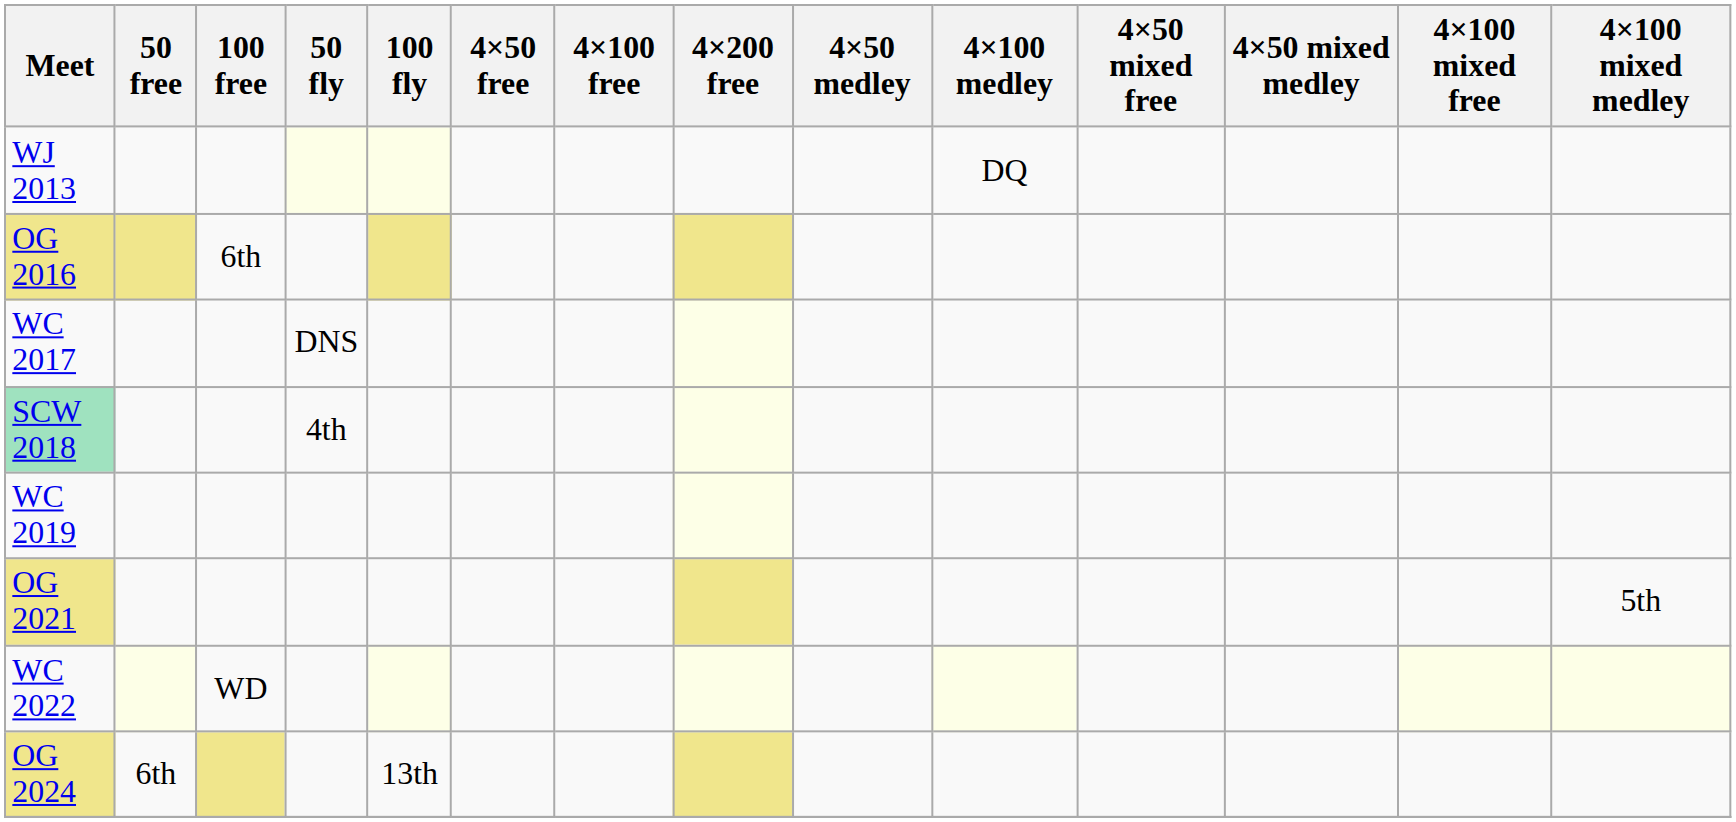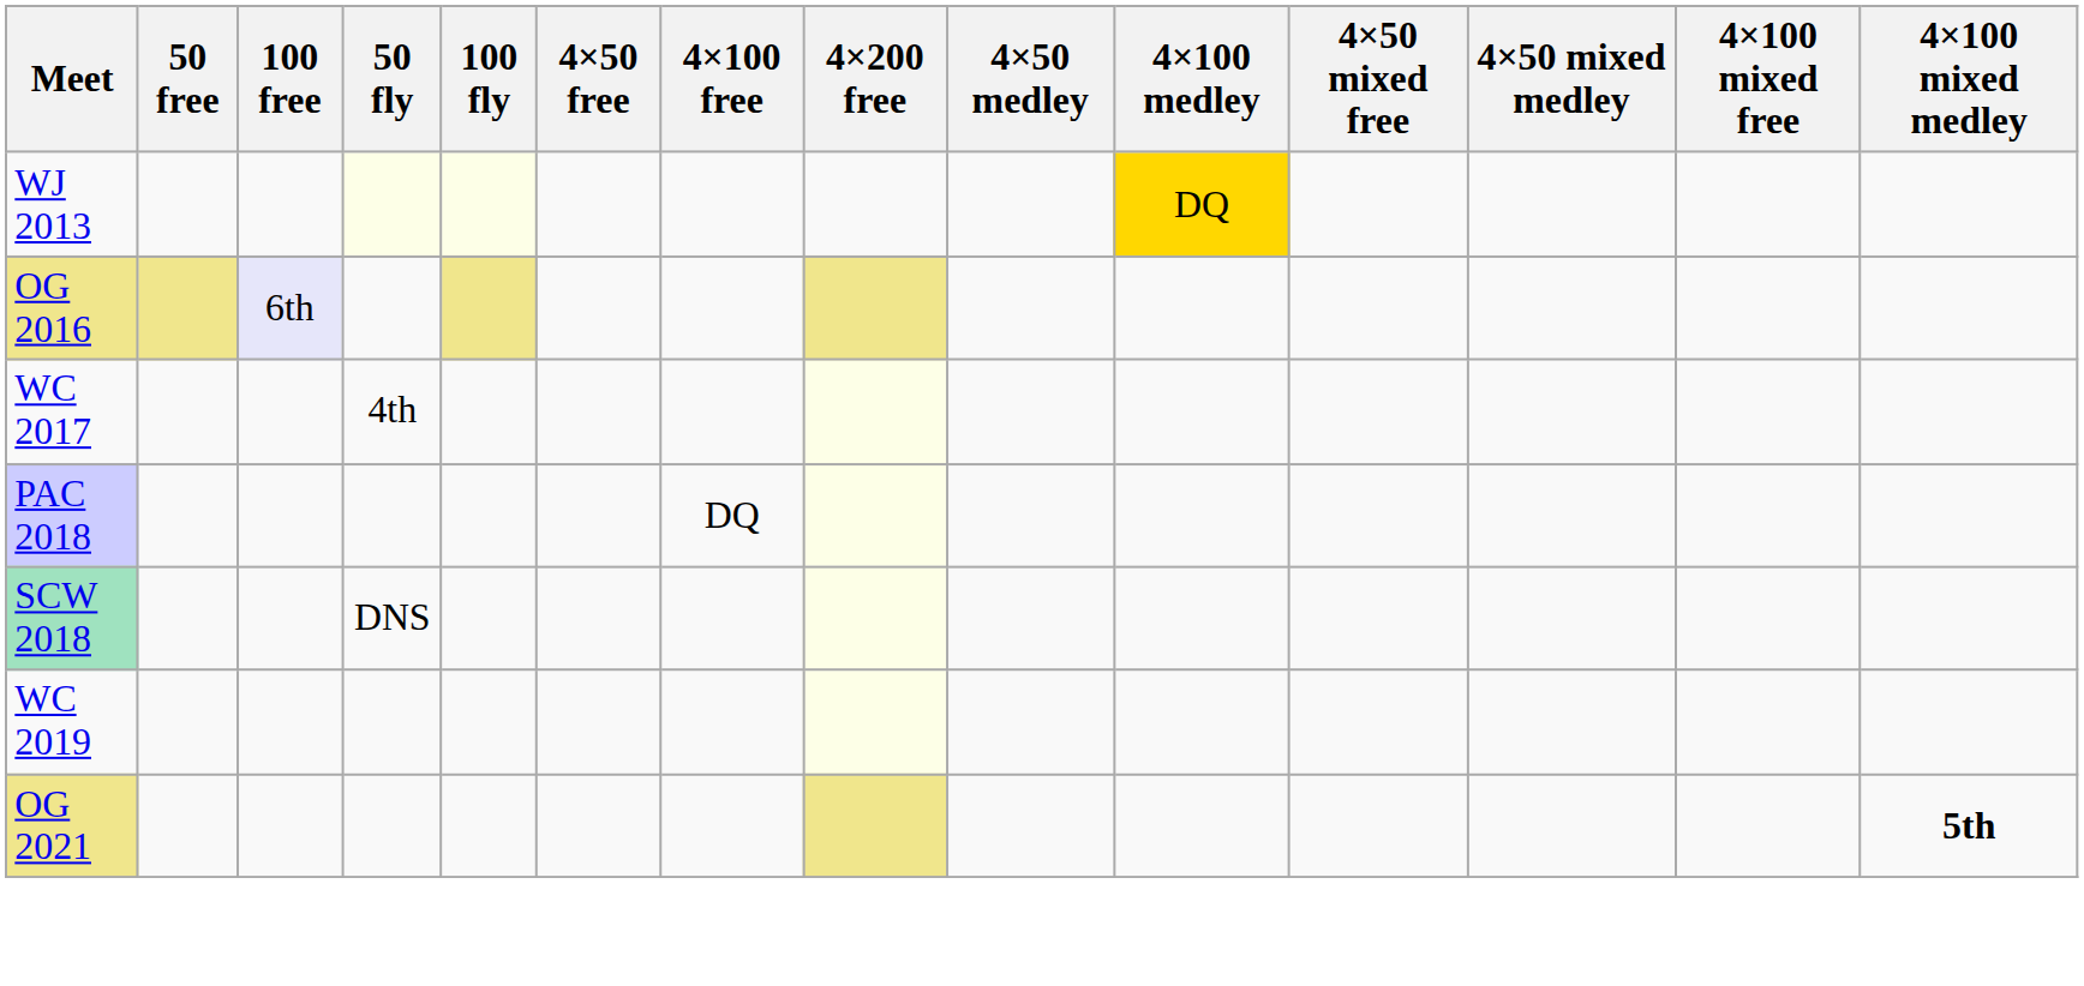 <table class="sortable wikitable">
 <tr>
 <th>Meet</th>
 <th class="unsortable">50 free</th>
 <th class="unsortable">100 free</th>
 <th class="unsortable">50 fly</th>
 <th class="unsortable">100 fly</th>
 <th class="unsortable">4×50 free</th>
 <th class="unsortable">4×100 free</th>
 <th class="unsortable">4×200 free</th>
 <th class="unsortable">4×50 medley</th>
 <th class="unsortable">4×100 medley</th>
 <th class="unsortable">4×50 mixed free</th>
 <th class="unsortable">4×50 mixed medley</th>
 <th class="unsortable">4×100 mixed free</th>
 <th class="unsortable">4×100 mixed medley</th>
 </tr>
 <tr>
 <td><a href='#'>WJ 2013</a></td>
 <td align="center"></td>
 <td align="center"></td>
 <td style="background:#fdffe7"></td>
 <td style="background:#fdffe7"></td>
 <td></td>
 <td align="center"></td>
 <td align="center"></td>
 <td></td>
-<td align="center">DQ</td>
+<td align="center" style="background: gold;">DQ</td>
 <td></td>
 <td></td>
 <td align="center"></td>
 <td align="center"></td>
 </tr>
 <tr>
 <td style="background:#f0e68c"><a href='#'>OG 2016</a></td>
 <td style="background:#f0e68c"></td>
-<td align="center">6th</td>
+<td align="center" style="background: lavender;">6th</td>
 <td></td>
 <td style="background:#f0e68c"></td>
 <td></td>
 <td align="center"></td>
 <td style="background:#f0e68c"></td>
 <td></td>
 <td align="center"></td>
 <td></td>
 <td></td>
 <td></td>
 <td></td>
 </tr>
 <tr>
 <td><a href='#'>WC 2017</a></td>
 <td align="center"></td>
 <td align="center"></td>
-<td align="center">DNS</td>
+<td align="center">4th</td>
 <td align="center"></td>
 <td></td>
 <td align="center"></td>
 <td style="background:#fdffe7"></td>
 <td></td>
 <td align="center"></td>
 <td></td>
 <td></td>
 <td align="center"></td>
 <td align="center"></td>
 </tr>
 <tr>
+<td style="background:#ccccff"><a href='#'>PAC 2018</a></td>
+<td align="center"></td>
+<td align="center"></td>
+<td></td>
+<td align="center"></td>
+<td></td>
+<td align="center">DQ</td>
+<td style="background:#fdffe7"></td>
+<td></td>
+<td align="center"></td>
+<td></td>
+<td></td>
+<td></td>
+<td align="center"></td>
+</tr>
+<tr>
 <td style="background:#9fe2bf"><a href='#'>SCW 2018</a></td>
 <td align="center"></td>
 <td align="center"></td>
-<td align="center">4th</td>
+<td align="center">DNS</td>
 <td align="center"></td>
 <td align="center"></td>
 <td align="center"></td>
 <td style="background:#fdffe7"></td>
 <td align="center"></td>
 <td align="center"></td>
 <td align="center"></td>
 <td align="center"></td>
 <td></td>
 <td></td>
 </tr>
 <tr>
 <td><a href='#'>WC 2019</a></td>
 <td align="center"></td>
 <td align="center"></td>
 <td align="center"></td>
 <td align="center"></td>
 <td></td>
 <td align="center"></td>
 <td style="background:#fdffe7"></td>
 <td></td>
 <td align="center"></td>
 <td></td>
 <td></td>
 <td align="center"></td>
 <td align="center"></td>
 </tr>
 <tr>
 <td style="background:#f0e68c"><a href='#'>OG 2021</a></td>
 <td align="center"></td>
 <td align="center"></td>
 <td></td>
 <td align="center"></td>
 <td></td>
 <td align="center"></td>
 <td style="background:#f0e68c"></td>
 <td></td>
 <td align="center"></td>
 <td></td>
 <td></td>
 <td></td>
-<td align="center">5th</td>
-</tr>
-<tr>
-<td><a href='#'>WC 2022</a></td>
-<td style="background:#fdffe7"></td>
-<td align="center">WD</td>
-<td align="center"></td>
-<td style="background:#fdffe7"></td>
-<td></td>
-<td align="center"></td>
-<td style="background:#fdffe7"></td>
-<td></td>
-<td style="background:#fdffe7"></td>
-<td></td>
-<td></td>
-<td style="background:#fdffe7"></td>
-<td style="background:#fdffe7"></td>
-</tr>
-<tr>
-<td style="background:#f0e68c"><a href='#'>OG 2024</a></td>
-<td align="center">6th</td>
-<td style="background:#f0e68c"></td>
-<td></td>
-<td align="center">13th</td>
-<td></td>
-<td align="center"></td>
-<td style="background:#f0e68c"></td>
-<td></td>
-<td align="center"></td>
-<td></td>
-<td></td>
-<td></td>
-<td align="center"></td>
+<td align="center"><strong>5th</strong></td>
 </tr>
 <tr>
 </tr>
 </table>
